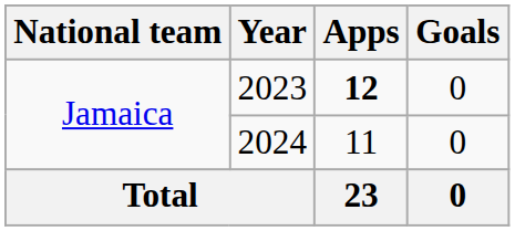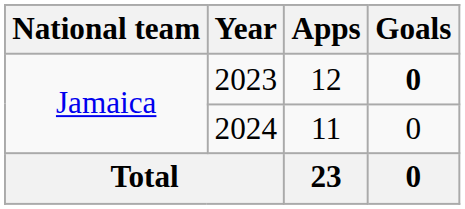 <table class="wikitable" style="text-align: center;">
 <tr>
 <th>National team</th>
 <th>Year</th>
 <th>Apps</th>
 <th>Goals</th>
 </tr>
 <tr>
 <td rowspan=2><a href='#'>Jamaica</a></td>
 <td>2023</td>
-<td><strong>12</strong></td>
-<td>0</td>
+<td>12</td>
+<td><strong>0</strong></td>
 </tr>
 <tr>
 <td>2024</td>
 <td>11</td>
 <td>0</td>
 </tr>
 <tr>
 <th colspan="2">Total</th>
 <th>23</th>
 <th>0</th>
 </tr>
 </table>
